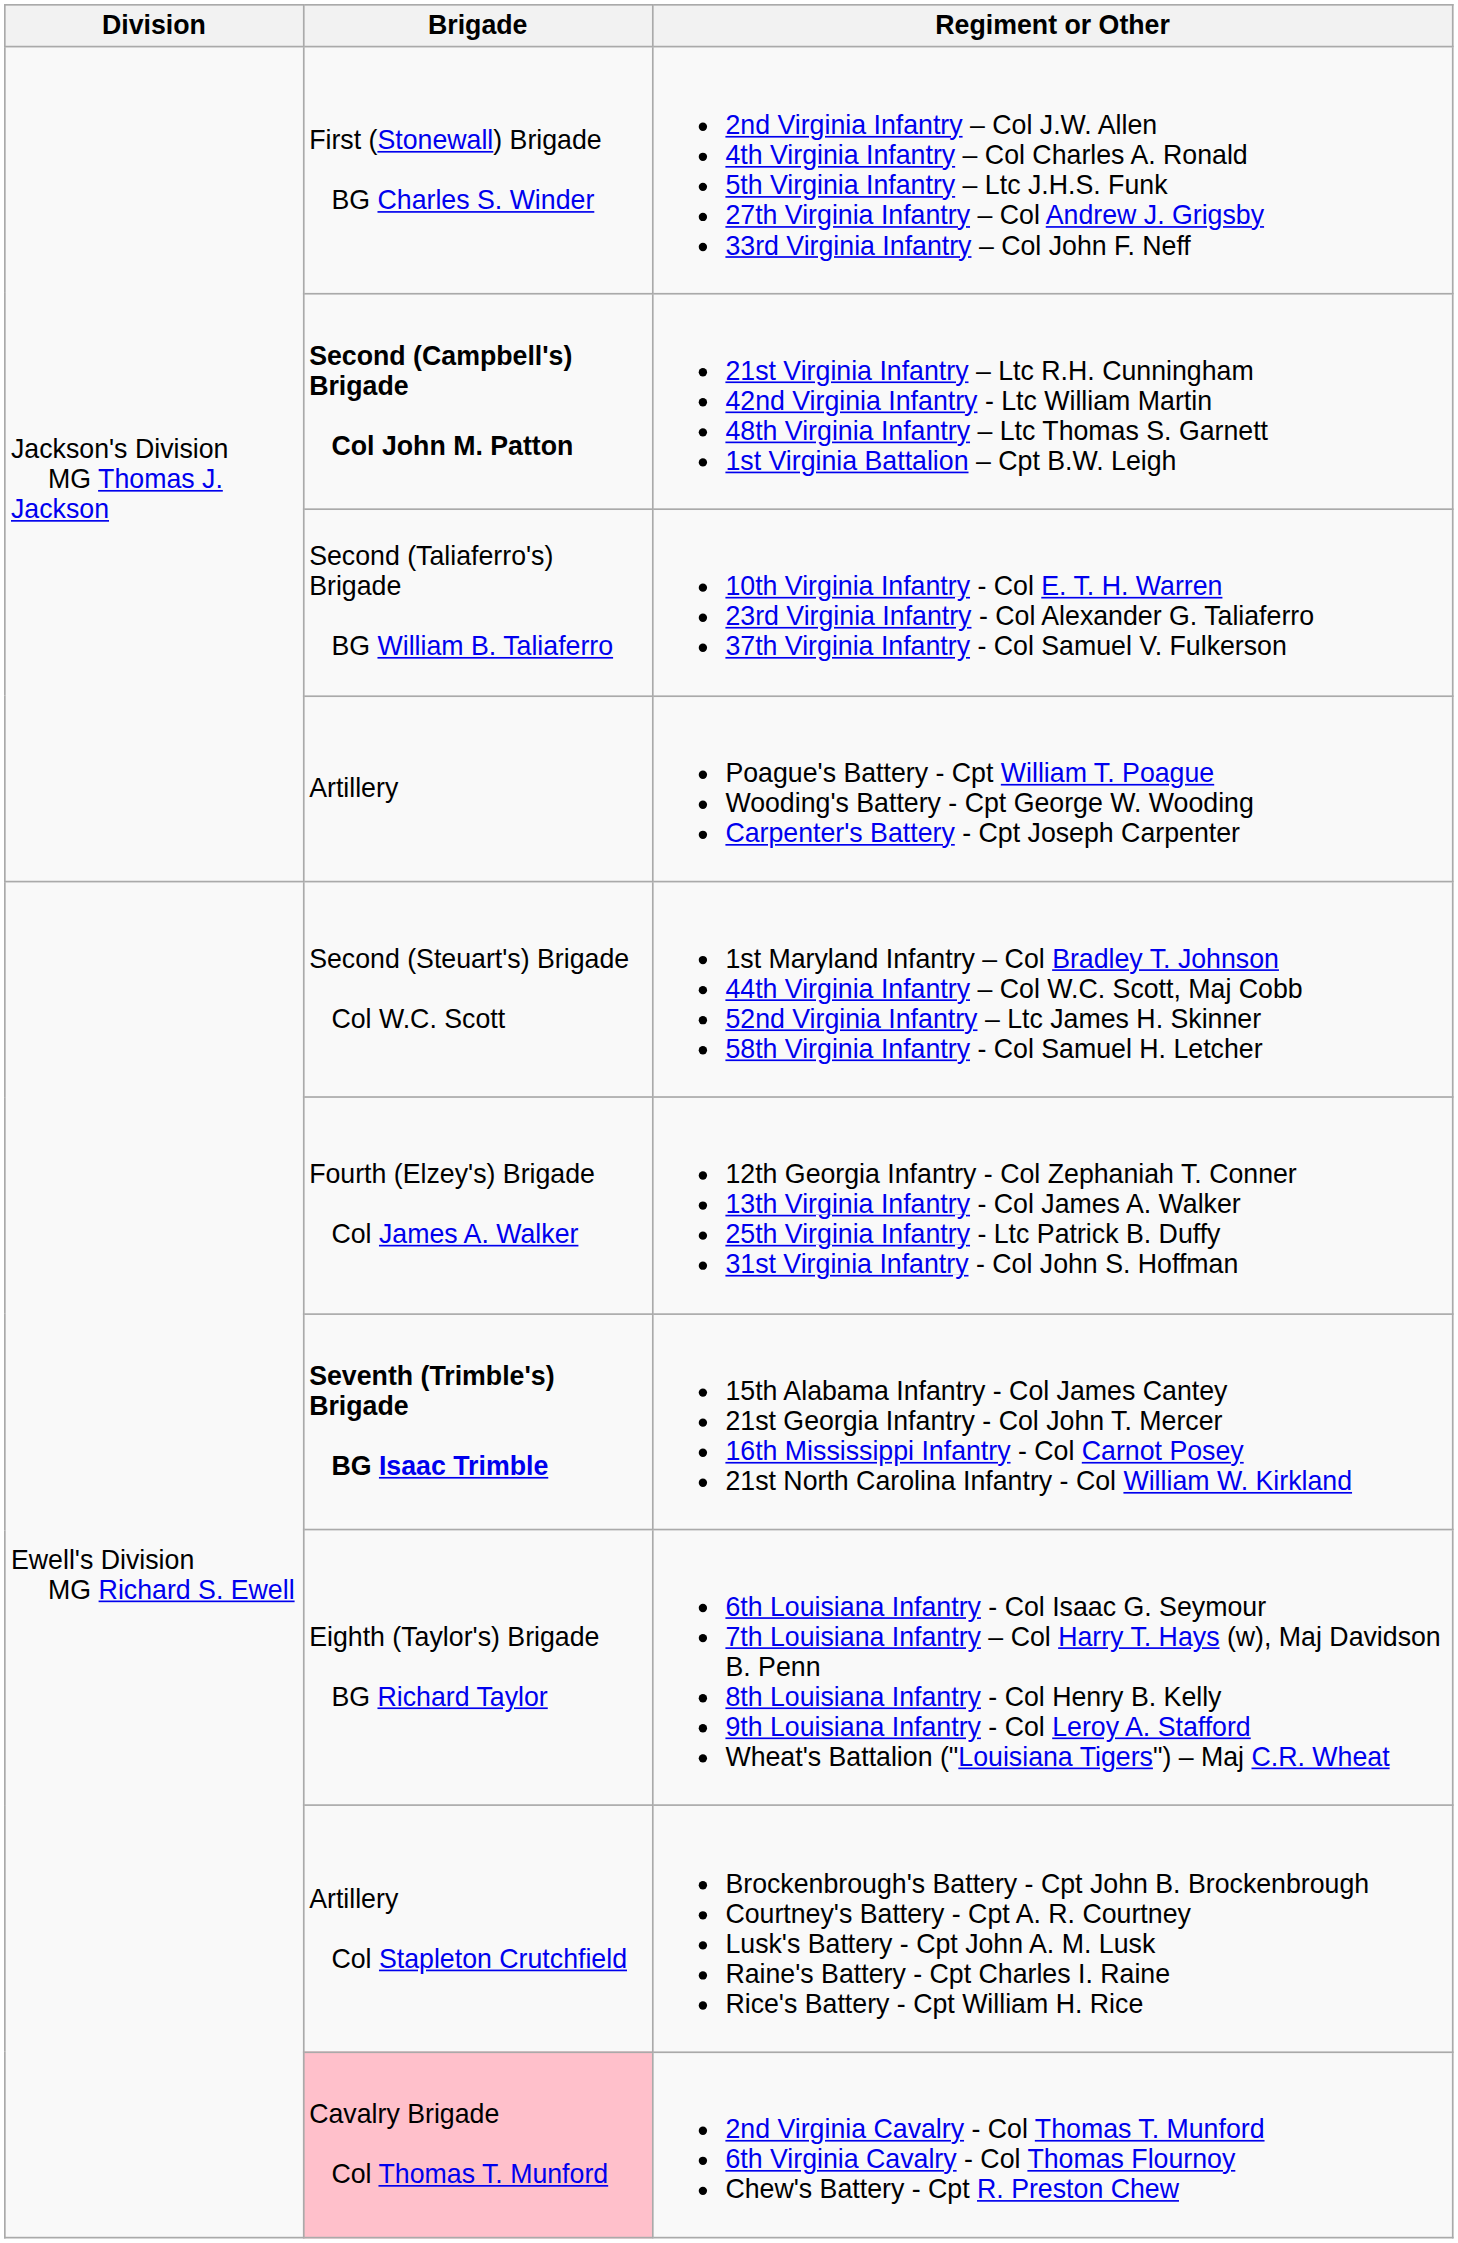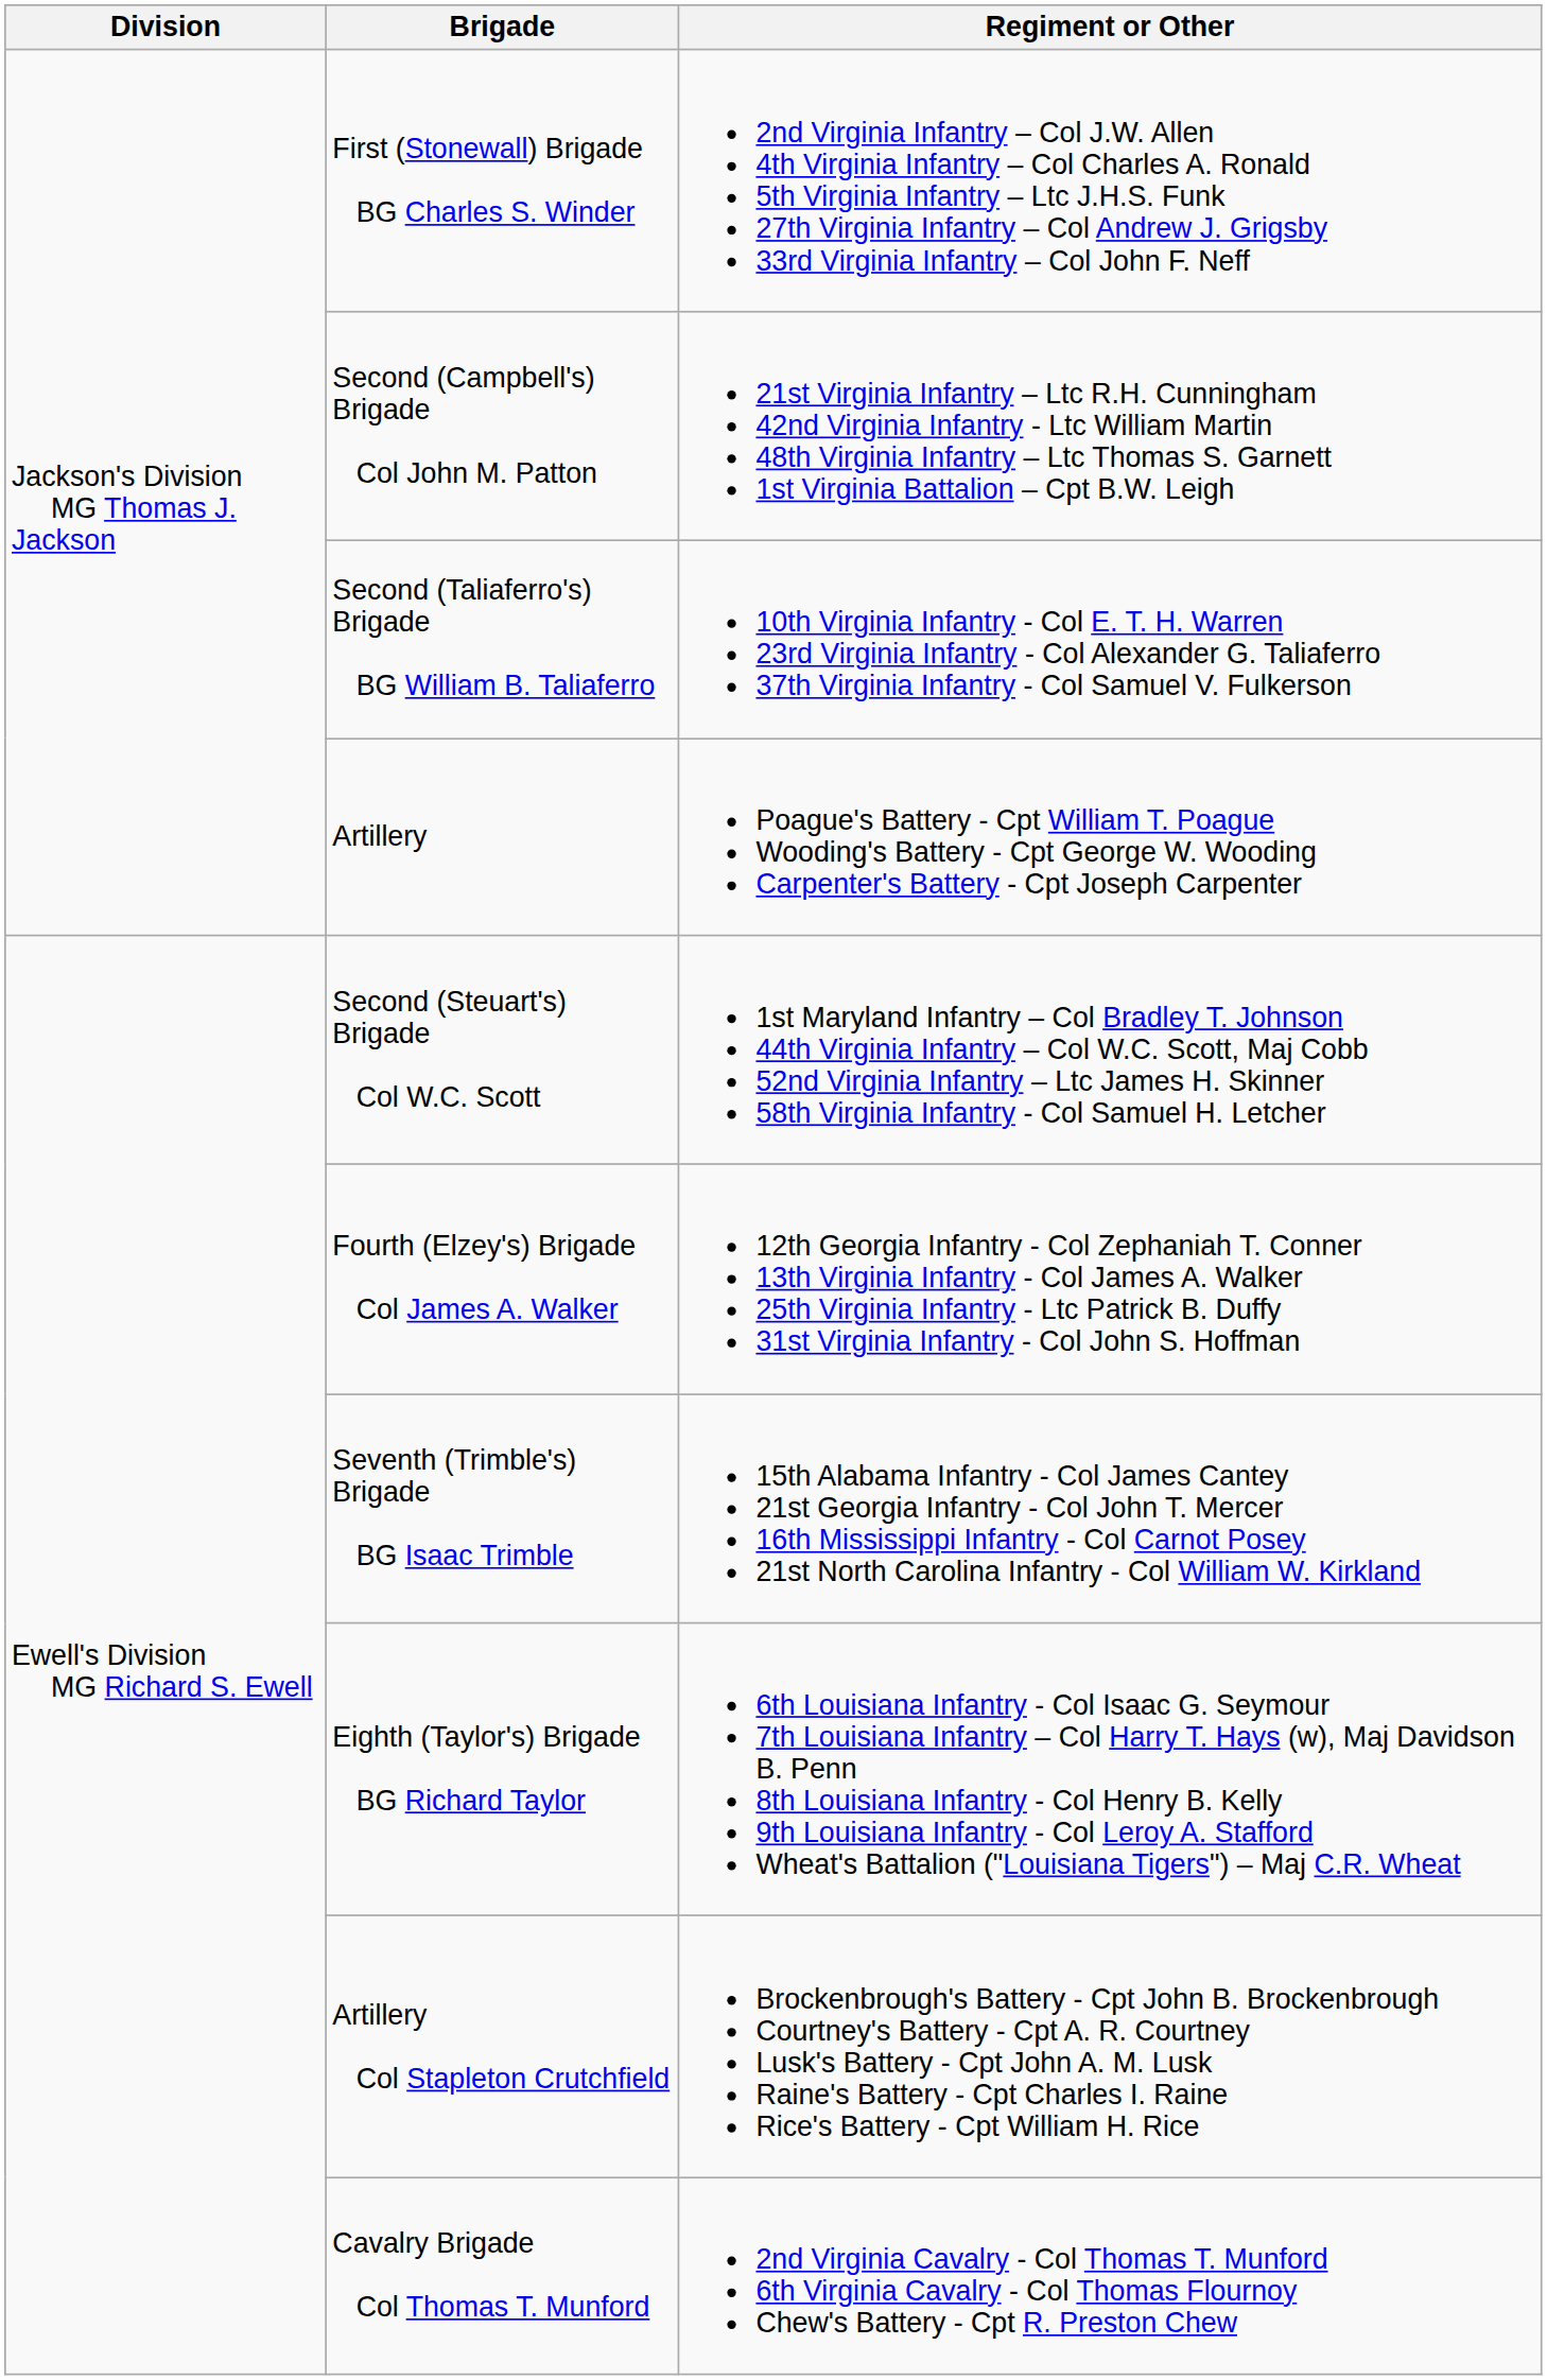 <table class="wikitable">
 <tr>
 <th>Division</th>
 <th>Brigade</th>
 <th>Regiment or Other</th>
 </tr>
 <tr>
 <td rowspan=4><br>Jackson's Division <br>     MG <a href='#'>Thomas J. Jackson</a></td>
 <td>First (<a href='#'>Stonewall</a>) Brigade<br><br>   BG <a href='#'>Charles S. Winder</a></td>
 <td><br><ul><li><a href='#'>2nd Virginia Infantry</a> – Col J.W. Allen</li><li><a href='#'>4th Virginia Infantry</a> – Col Charles A. Ronald</li><li><a href='#'>5th Virginia Infantry</a> – Ltc J.H.S. Funk</li><li><a href='#'>27th Virginia Infantry</a> – Col <a href='#'>Andrew J. Grigsby</a></li><li><a href='#'>33rd Virginia Infantry</a> – Col John F. Neff</li></ul></td>
 </tr>
 <tr>
-<td><strong>Second (Campbell's) Brigade<br><br>   Col John M. Patton</strong></td>
+<td>Second (Campbell's) Brigade<br><br>   Col John M. Patton</td>
 <td><br><ul><li><a href='#'>21st Virginia Infantry</a> – Ltc R.H. Cunningham</li><li><a href='#'>42nd Virginia Infantry</a> - Ltc William Martin</li><li><a href='#'>48th Virginia Infantry</a> – Ltc Thomas S. Garnett</li><li><a href='#'>1st Virginia Battalion</a> – Cpt B.W. Leigh</li></ul></td>
 </tr>
 <tr>
 <td>Second (Taliaferro's) Brigade<br><br>   BG <a href='#'>William B. Taliaferro</a></td>
 <td><br><ul><li><a href='#'>10th Virginia Infantry</a> - Col <a href='#'>E. T. H. Warren</a></li><li><a href='#'>23rd Virginia Infantry</a> - Col Alexander G. Taliaferro</li><li><a href='#'>37th Virginia Infantry</a> - Col Samuel V. Fulkerson</li></ul></td>
 </tr>
 <tr>
 <td>Artillery</td>
 <td><br><ul><li>Poague's Battery - Cpt <a href='#'>William T. Poague</a></li><li>Wooding's Battery - Cpt George W. Wooding</li><li><a href='#'>Carpenter's Battery</a> - Cpt Joseph Carpenter</li></ul></td>
 </tr>
 <tr>
 <td rowspan=6><br>Ewell's Division <br>     MG <a href='#'>Richard S. Ewell</a></td>
 <td>Second (Steuart's) Brigade<br><br>   Col W.C. Scott</td>
 <td><br><ul><li>1st Maryland Infantry – Col <a href='#'>Bradley T. Johnson</a></li><li><a href='#'>44th Virginia Infantry</a> – Col W.C. Scott, Maj Cobb</li><li><a href='#'>52nd Virginia Infantry</a> – Ltc James H. Skinner</li><li><a href='#'>58th Virginia Infantry</a> - Col Samuel H. Letcher</li></ul></td>
 </tr>
 <tr>
 <td>Fourth (Elzey's) Brigade<br><br>   Col <a href='#'>James A. Walker</a></td>
 <td><br><ul><li>12th Georgia Infantry - Col  Zephaniah T. Conner</li><li><a href='#'>13th Virginia Infantry</a> - Col James A. Walker</li><li><a href='#'>25th Virginia Infantry</a> - Ltc Patrick B. Duffy</li><li><a href='#'>31st Virginia Infantry</a> - Col John S. Hoffman</li></ul></td>
 </tr>
 <tr>
-<td><strong>Seventh (Trimble's) Brigade<br><br>   BG <a href='#'>Isaac Trimble</a></strong></td>
+<td>Seventh (Trimble's) Brigade<br><br>   BG <a href='#'>Isaac Trimble</a></td>
 <td><br><ul><li>15th Alabama Infantry - Col James Cantey</li><li>21st Georgia Infantry - Col John T. Mercer</li><li><a href='#'>16th Mississippi Infantry</a> - Col <a href='#'>Carnot Posey</a></li><li>21st North Carolina Infantry - Col <a href='#'>William W. Kirkland</a></li></ul></td>
 </tr>
 <tr>
 <td>Eighth (Taylor's) Brigade<br><br>   BG <a href='#'>Richard Taylor</a></td>
 <td><br><ul><li><a href='#'>6th Louisiana Infantry</a> - Col Isaac G. Seymour</li><li><a href='#'>7th Louisiana Infantry</a> – Col <a href='#'>Harry T. Hays</a> (w), Maj Davidson B. Penn</li><li><a href='#'>8th Louisiana Infantry</a> - Col Henry B. Kelly</li><li><a href='#'>9th Louisiana Infantry</a> - Col <a href='#'>Leroy A. Stafford</a></li><li>Wheat's Battalion ("<a href='#'>Louisiana Tigers</a>") – Maj <a href='#'>C.R. Wheat</a></li></ul></td>
 </tr>
 <tr>
 <td>Artillery<br><br>   Col <a href='#'>Stapleton Crutchfield</a></td>
 <td><br><ul><li>Brockenbrough's Battery - Cpt John B. Brockenbrough</li><li>Courtney's Battery - Cpt A. R. Courtney</li><li>Lusk's Battery - Cpt John A. M. Lusk</li><li>Raine's Battery - Cpt Charles I. Raine</li><li>Rice's Battery - Cpt William H. Rice</li></ul></td>
 </tr>
 <tr>
-<td style="background: pink;">Cavalry Brigade<br><br>   Col <a href='#'>Thomas T. Munford</a></td>
+<td>Cavalry Brigade<br><br>   Col <a href='#'>Thomas T. Munford</a></td>
 <td><br><ul><li><a href='#'>2nd Virginia Cavalry</a> - Col <a href='#'>Thomas T. Munford</a></li><li><a href='#'>6th Virginia Cavalry</a> - Col <a href='#'>Thomas Flournoy</a></li><li>Chew's Battery - Cpt <a href='#'>R. Preston Chew</a></li></ul></td>
 </tr>
 </table>
